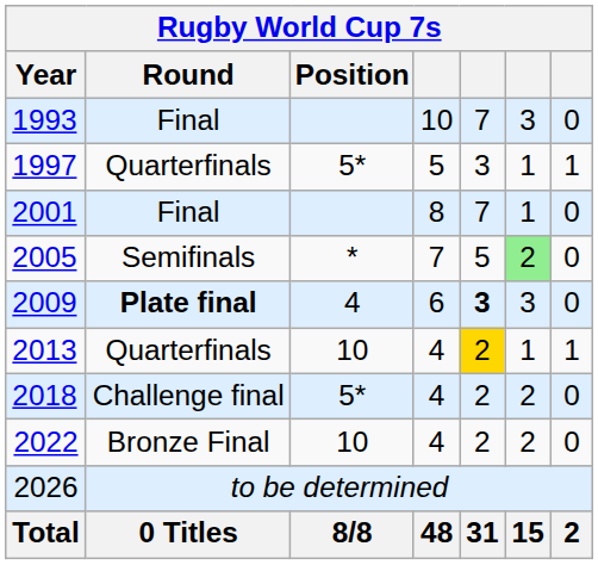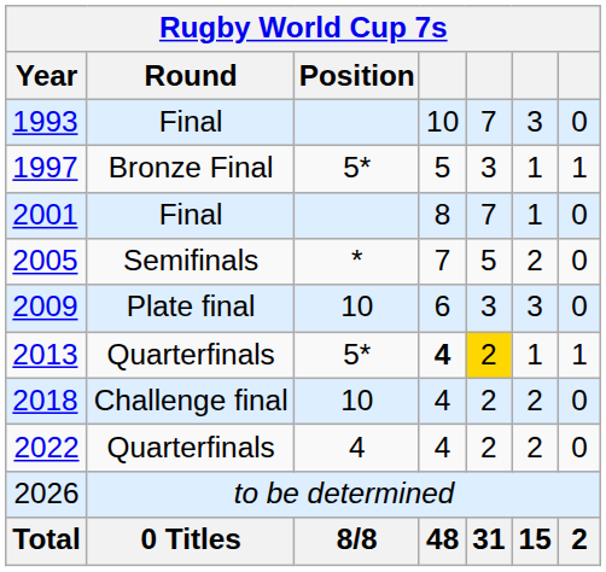 <table class="wikitable" style="text-align: center;">
 <tr>
 <th colspan=10><a href='#'>Rugby World Cup 7s</a></th>
 </tr>
 <tr>
 <th>Year</th>
 <th style="width:6.6em;">Round</th>
 <th style="padding:2px;">Position</th>
 <th style="width:1em;"></th>
 <th style="width:1em;"></th>
 <th style="width:1em;"></th>
 <th style="width:1em;"></th>
 </tr>
 <tr bgcolor=#def>
 <td align=left> <a href='#'>1993</a></td>
 <td>Final</td>
 <td></td>
 <td>10</td>
 <td>7</td>
 <td>3</td>
 <td>0</td>
 </tr>
 <tr>
 <td align=left> <a href='#'>1997</a></td>
-<td>Quarterfinals</td>
+<td style="padding:2px;">Bronze Final</td>
 <td>5*</td>
 <td>5</td>
 <td>3</td>
 <td>1</td>
 <td>1</td>
 </tr>
 <tr bgcolor=#def>
 <td align=left> <a href='#'>2001</a></td>
 <td>Final</td>
 <td></td>
 <td>8</td>
 <td>7</td>
 <td>1</td>
 <td>0</td>
 </tr>
 <tr>
 <td align=left> <a href='#'>2005</a></td>
 <td>Semifinals</td>
 <td>*</td>
 <td>7</td>
 <td>5</td>
-<td style="background: lightgreen;">2</td>
+<td>2</td>
 <td>0</td>
 </tr>
 <tr bgcolor=#def>
 <td align=left> <a href='#'>2009</a></td>
-<td><strong>Plate final</strong></td>
-<td>4</td>
+<td>Plate final</td>
+<td>10</td>
 <td>6</td>
-<td><strong>3</strong></td>
+<td>3</td>
 <td>3</td>
 <td>0</td>
 </tr>
 <tr>
 <td align=left> <a href='#'>2013</a></td>
 <td>Quarterfinals</td>
-<td>10</td>
-<td>4</td>
+<td>5*</td>
+<td><strong>4</strong></td>
 <td style="background: gold;">2</td>
 <td>1</td>
 <td>1</td>
 </tr>
 <tr bgcolor=#def>
 <td align=left> <a href='#'>2018</a></td>
 <td style="padding:2px;">Challenge final</td>
-<td>5*</td>
+<td>10</td>
 <td>4</td>
 <td>2</td>
 <td>2</td>
 <td>0</td>
 </tr>
 <tr>
 <td> <a href='#'>2022</a></td>
-<td style="padding:2px;">Bronze Final</td>
-<td>10</td>
+<td>Quarterfinals</td>
+<td>4</td>
 <td>4</td>
 <td>2</td>
 <td>2</td>
 <td>0</td>
 </tr>
 <tr bgcolor=#def>
 <td align=center>2026</td>
 <td colspan=6><em>to be determined</em></td>
 </tr>
 <tr>
 <th>Total</th>
 <th>0 Titles</th>
 <th>8/8</th>
 <th>48</th>
 <th>31</th>
 <th>15</th>
 <th>2</th>
 </tr>
 </table>
